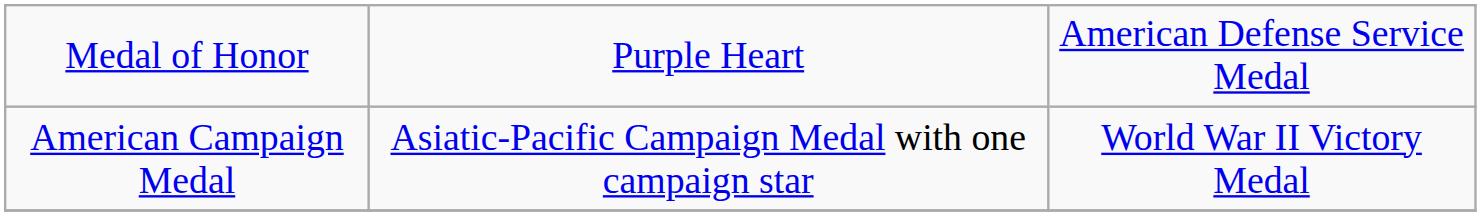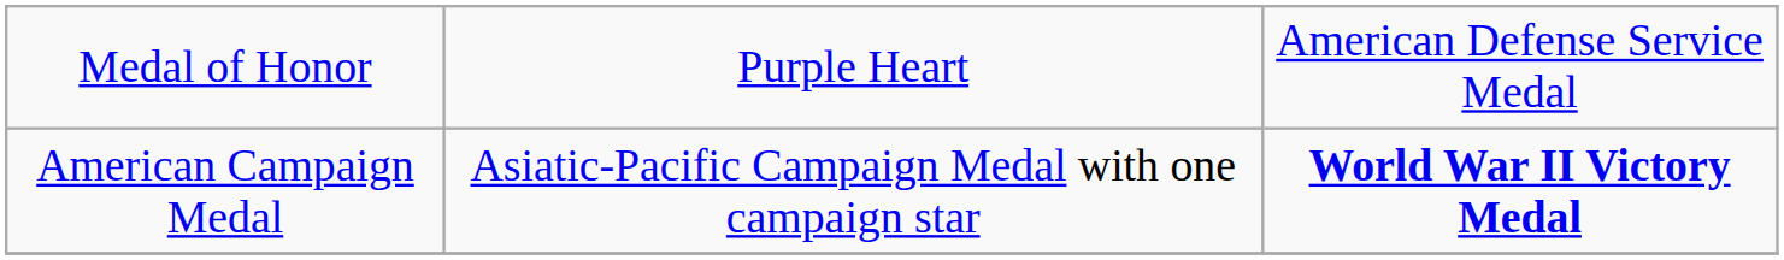 <table class="wikitable" style="margin:1em auto; text-align:center;">
 <tr>
 <td><a href='#'>Medal of Honor</a></td>
 <td><a href='#'>Purple Heart</a></td>
 <td><a href='#'>American Defense Service Medal</a></td>
 </tr>
 <tr>
 <td><a href='#'>American Campaign Medal</a></td>
 <td><a href='#'>Asiatic-Pacific Campaign Medal</a> with one <a href='#'>campaign star</a></td>
-<td><a href='#'>World War II Victory Medal</a></td>
+<td><strong><a href='#'>World War II Victory Medal</a></strong></td>
 </tr>
 <tr>
 </tr>
 </table>
